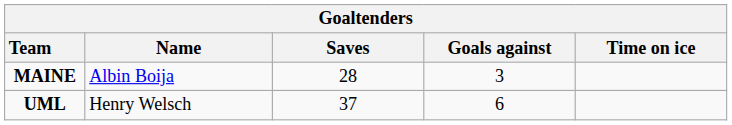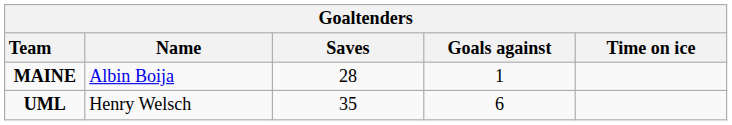 <table class="wikitable" style="width:40em; text-align:right;">
 <tr>
 <th colspan=5>Goaltenders</th>
 </tr>
 <tr>
 <th style="width:4em; text-align:left;">Team</th>
 <th style="width:10em;">Name</th>
 <th style="width:8em;">Saves</th>
 <th style="width:8em;">Goals against</th>
 <th style="width:8em;">Time on ice</th>
 </tr>
 <tr>
 <td align=center><strong>MAINE</strong></td>
 <td style="text-align:left;"><a href='#'>Albin Boija</a></td>
 <td align=center>28</td>
-<td align=center>3</td>
+<td align=center>1</td>
 <td align=center></td>
 </tr>
 <tr>
 <td align=center><strong>UML</strong></td>
 <td style="text-align:left;">Henry Welsch</td>
-<td align=center>37</td>
+<td align=center>35</td>
 <td align=center>6</td>
 <td align=center></td>
 </tr>
 </table>
